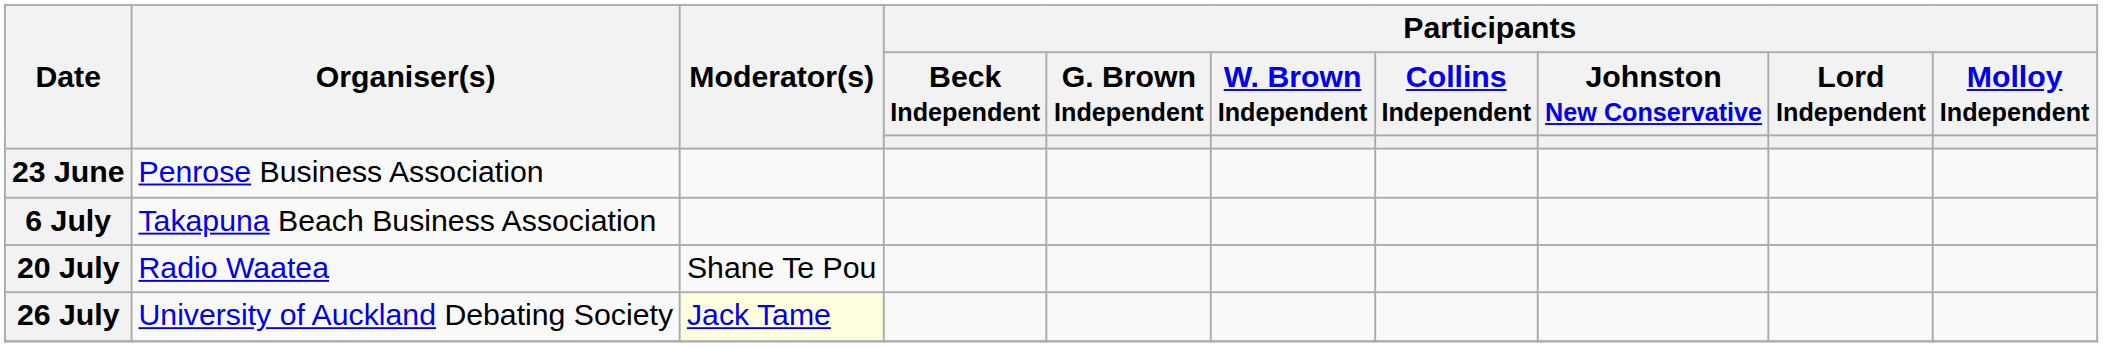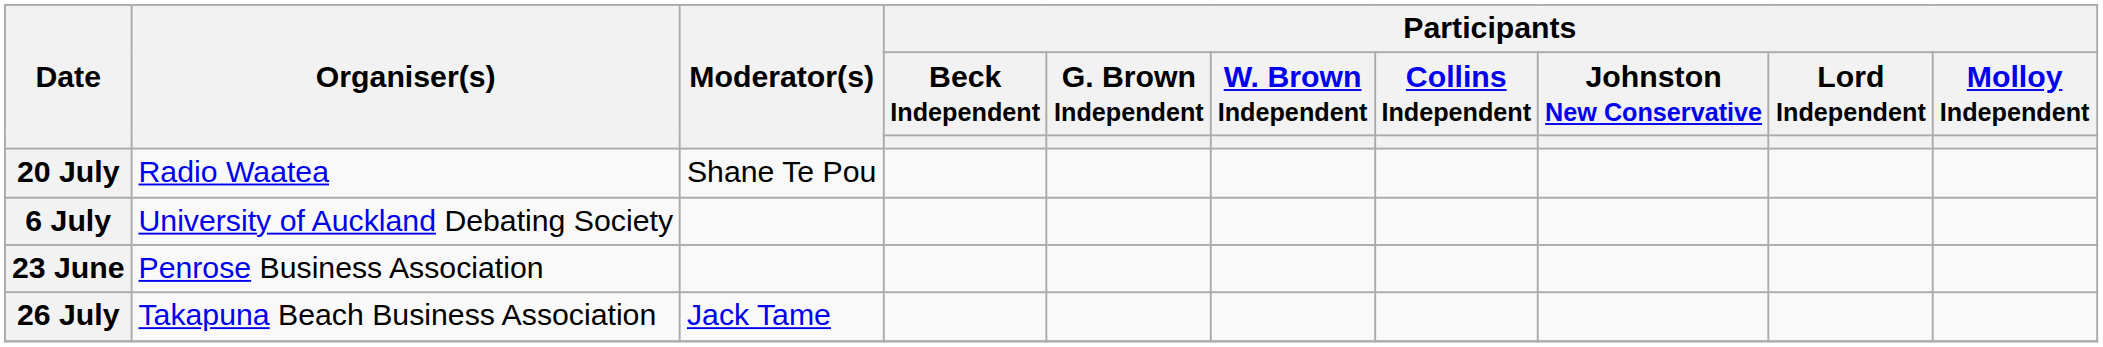 <table class="wikitable plainrowheaders">
 <tr>
 <th scope="col" rowspan=3>Date</th>
 <th scope="col" rowspan=3>Organiser(s)</th>
 <th scope="col" rowspan=3>Moderator(s)</th>
 <th scope="col" colspan="7">Participants</th>
 </tr>
 <tr>
 <th>Beck<br><small>Independent</small></th>
 <th>G. Brown<br><small>Independent</small></th>
 <th><a href='#'>W. Brown</a><br><small>Independent</small></th>
 <th><a href='#'>Collins</a><br><small>Independent</small></th>
 <th>Johnston<br><small><a href='#'>New Conservative</a></small></th>
 <th>Lord<br><small>Independent</small></th>
 <th><a href='#'>Molloy</a><br><small>Independent</small></th>
 </tr>
 <tr>
 <th style="background:"></th>
 <th style="background:"></th>
 <th style="background:"></th>
 <th style="background:"></th>
 <th style="background:"></th>
 <th style="background:"></th>
 <th style="background:"></th>
 </tr>
 <tr>
+<th scope="row">20 July</th>
+<td><a href='#'>Radio Waatea</a></td>
+<td>Shane Te Pou</td>
+<td></td>
+<td></td>
+<td></td>
+<td></td>
+<td></td>
+<td></td>
+<td></td>
+</tr>
+<tr>
+<th scope="row">6 July</th>
+<td><a href='#'>University of Auckland</a> Debating Society</td>
+<td></td>
+<td></td>
+<td></td>
+<td></td>
+<td></td>
+<td></td>
+<td></td>
+<td></td>
+</tr>
+<tr>
 <th scope="row">23 June</th>
 <td><a href='#'>Penrose</a> Business Association</td>
 <td></td>
 <td></td>
 <td></td>
 <td></td>
 <td></td>
 <td></td>
 <td></td>
 <td></td>
 </tr>
 <tr>
-<th scope="row">6 July</th>
+<th scope="row">26 July</th>
 <td><a href='#'>Takapuna</a> Beach Business Association</td>
-<td></td>
-<td></td>
-<td></td>
-<td></td>
-<td></td>
-<td></td>
-<td></td>
-<td></td>
-</tr>
-<tr>
-<th scope="row">20 July</th>
-<td><a href='#'>Radio Waatea</a></td>
-<td>Shane Te Pou</td>
-<td></td>
-<td></td>
-<td></td>
-<td></td>
-<td></td>
-<td></td>
-<td></td>
-</tr>
-<tr>
-<th scope="row">26 July</th>
-<td><a href='#'>University of Auckland</a> Debating Society</td>
-<td style="background: lightyellow;"><a href='#'>Jack Tame</a></td>
+<td><a href='#'>Jack Tame</a></td>
 <td></td>
 <td></td>
 <td></td>
 <td></td>
 <td></td>
 <td></td>
 <td></td>
 </tr>
 <tr>
 </tr>
 </table>
